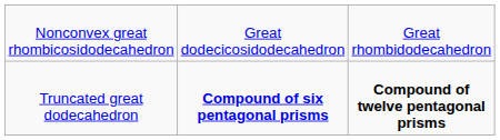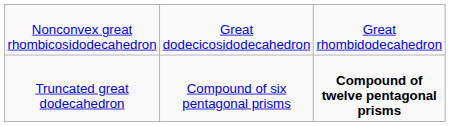 <table class="wikitable" width="400" style="vertical-align:top;text-align:center">
 <tr>
 <td><br><a href='#'>Nonconvex great rhombicosidodecahedron</a></td>
 <td><br><a href='#'>Great dodecicosidodecahedron</a></td>
 <td><br><a href='#'>Great rhombidodecahedron</a></td>
 </tr>
 <tr>
 <td><br><a href='#'>Truncated great dodecahedron</a></td>
-<td><strong><br><a href='#'>Compound of six pentagonal prisms</a></strong></td>
+<td><br><a href='#'>Compound of six pentagonal prisms</a></td>
 <td><br><strong>Compound of twelve pentagonal prisms</strong></td>
 </tr>
 </table>
